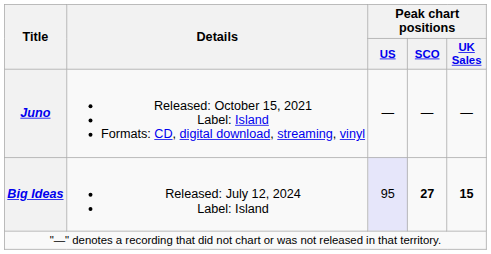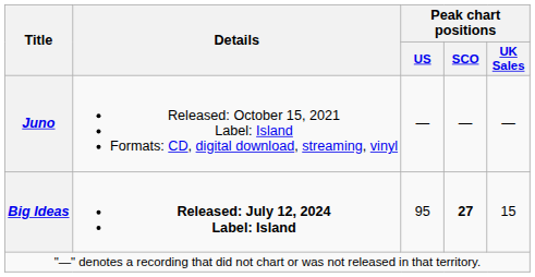 <table class="wikitable plainrowheaders" style="text-align:center;">
 <tr>
 <th scope="col" rowspan="2">Title</th>
 <th scope="col" rowspan="2">Details</th>
 <th scope="col" colspan="3">Peak chart positions</th>
 </tr>
 <tr>
 <th scope="col" style="width:3em;font-size:90%;"><a href='#'>US</a><br></th>
 <th scope="col" style="width:3em;font-size:90%;"><a href='#'>SCO</a><br></th>
 <th scope="col" style="width:3em;font-size:90%;"><a href='#'>UK<br>Sales</a><br></th>
 </tr>
 <tr>
 <th scope="row"><em><a href='#'>Juno</a></em></th>
 <td><br><ul><li>Released: October 15, 2021</li><li>Label: <a href='#'>Island</a></li><li>Formats: <a href='#'>CD</a>, <a href='#'>digital download</a>, <a href='#'>streaming</a>, <a href='#'>vinyl</a></li></ul></td>
 <td>—</td>
 <td>—</td>
 <td>—</td>
 </tr>
 <tr>
 <th scope="row"><em><a href='#'>Big Ideas</a></em></th>
-<td><br><ul><li>Released: July 12, 2024</li><li>Label: Island</li></ul></td>
-<td style="background: lavender;">95</td>
+<td><strong><br><ul><li>Released: July 12, 2024</li><li>Label: Island</li></ul></strong></td>
+<td>95</td>
 <td><strong>27</strong></td>
-<td><strong>15</strong></td>
+<td>15</td>
 </tr>
 <tr>
 <td colspan="8" style="font-size:90%">"—" denotes a recording that did not chart or was not released in that territory.</td>
 </tr>
 </table>
